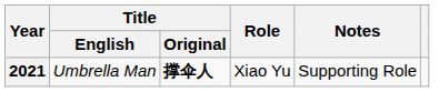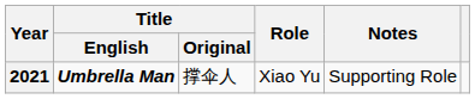 <table class="wikitable sortable plainrowheaders">
 <tr>
 <th scope="col" rowspan="2">Year</th>
 <th scope="col" colspan="2">Title</th>
 <th scope="col" rowspan="2">Role</th>
 <th scope="col" rowspan="2">Notes</th>
 <th scope="col" rowspan="2" class="unsortable"></th>
 </tr>
 <tr>
 <th scope="col">English</th>
 <th scope="col">Original</th>
 </tr>
 <tr>
 <th scope="row">2021</th>
-<td><em>Umbrella Man</em></td>
-<td><strong>撑伞人</strong></td>
+<td><strong><em>Umbrella Man</em></strong></td>
+<td>撑伞人</td>
 <td>Xiao Yu</td>
 <td>Supporting Role</td>
 <td></td>
 </tr>
 </table>
